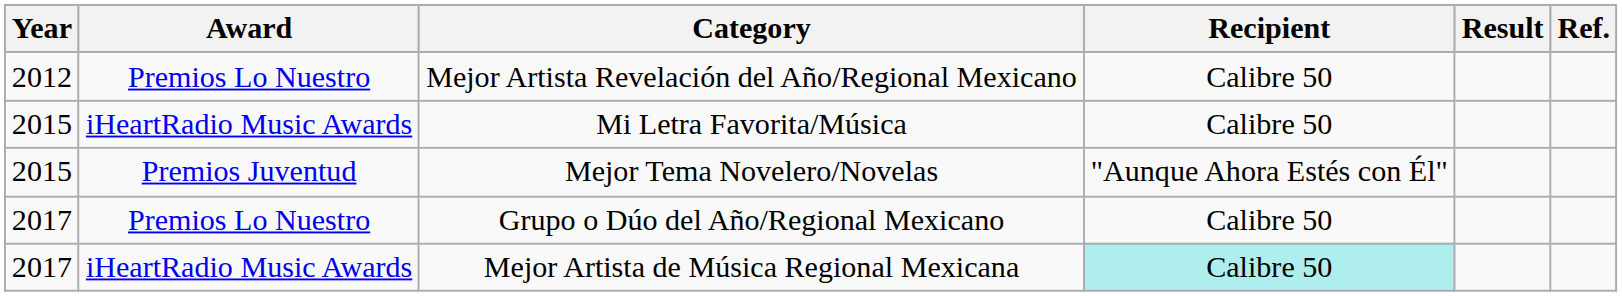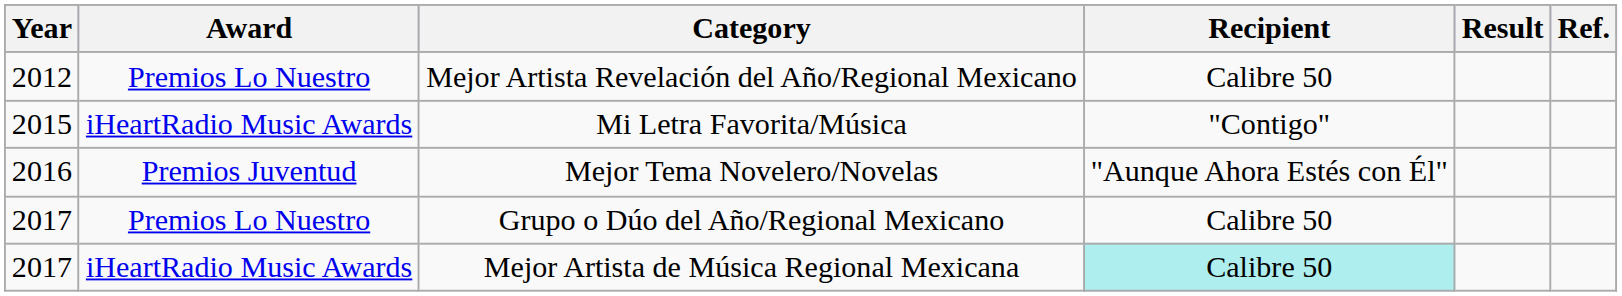 <table class="wikitable plainrowheaders" style="text-align:center;">
 <tr style="background:#96c;">
 <th scope="col">Year</th>
 <th scope="col">Award</th>
 <th scope="col">Category</th>
 <th scope="col">Recipient</th>
 <th scope="col">Result</th>
 <th scope="col">Ref.</th>
 </tr>
 <tr>
 <td>2012</td>
 <td rowspan="1" scope="row"><a href='#'>Premios Lo Nuestro</a></td>
 <td>Mejor Artista Revelación del Año/Regional Mexicano</td>
 <td>Calibre 50</td>
 <td></td>
 <td rowspan="1" scope="row"> </td>
 </tr>
 <tr>
 <td>2015</td>
 <td rowspan="1" scope="row"><a href='#'>iHeartRadio Music Awards</a></td>
 <td>Mi Letra Favorita/Música</td>
-<td>Calibre 50</td>
+<td>"Contigo"</td>
 <td></td>
 <td rowspan="1" scope="row"></td>
 </tr>
 <tr>
-<td>2015</td>
+<td>2016</td>
 <td rowspan="1" scope="row"><a href='#'>Premios Juventud</a></td>
 <td>Mejor Tema Novelero/Novelas</td>
 <td>"Aunque Ahora Estés con Él"</td>
 <td></td>
 <td rowspan="1" scope="row"> </td>
 </tr>
 <tr>
 <td>2017</td>
 <td rowspan="1" scope="row"><a href='#'>Premios Lo Nuestro</a></td>
 <td>Grupo o Dúo del Año/Regional Mexicano</td>
 <td>Calibre 50</td>
 <td></td>
 <td rowspan="1" scope="row"> </td>
 </tr>
 <tr>
 <td>2017</td>
 <td rowspan="1" scope="row"><a href='#'>iHeartRadio Music Awards</a></td>
 <td>Mejor Artista de Música Regional Mexicana</td>
 <td style="background: paleturquoise;">Calibre 50</td>
 <td></td>
 <td rowspan="1" scope="row"> </td>
 </tr>
 </table>
